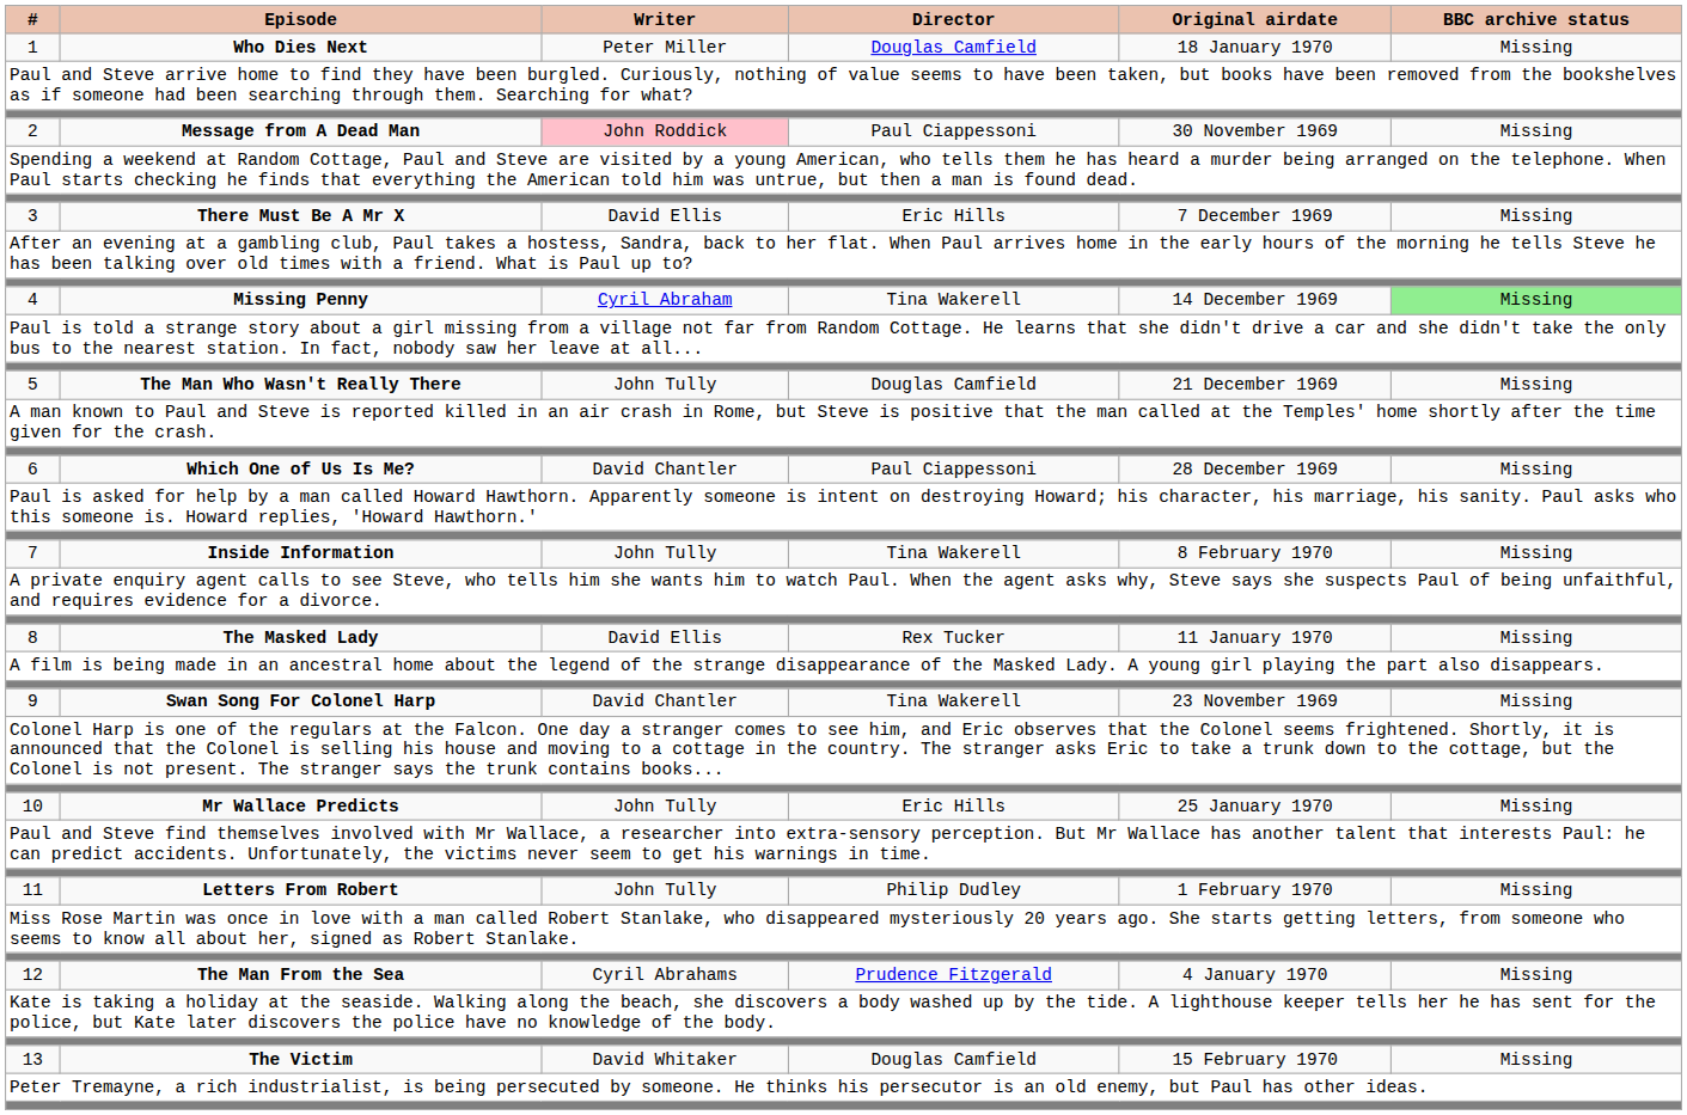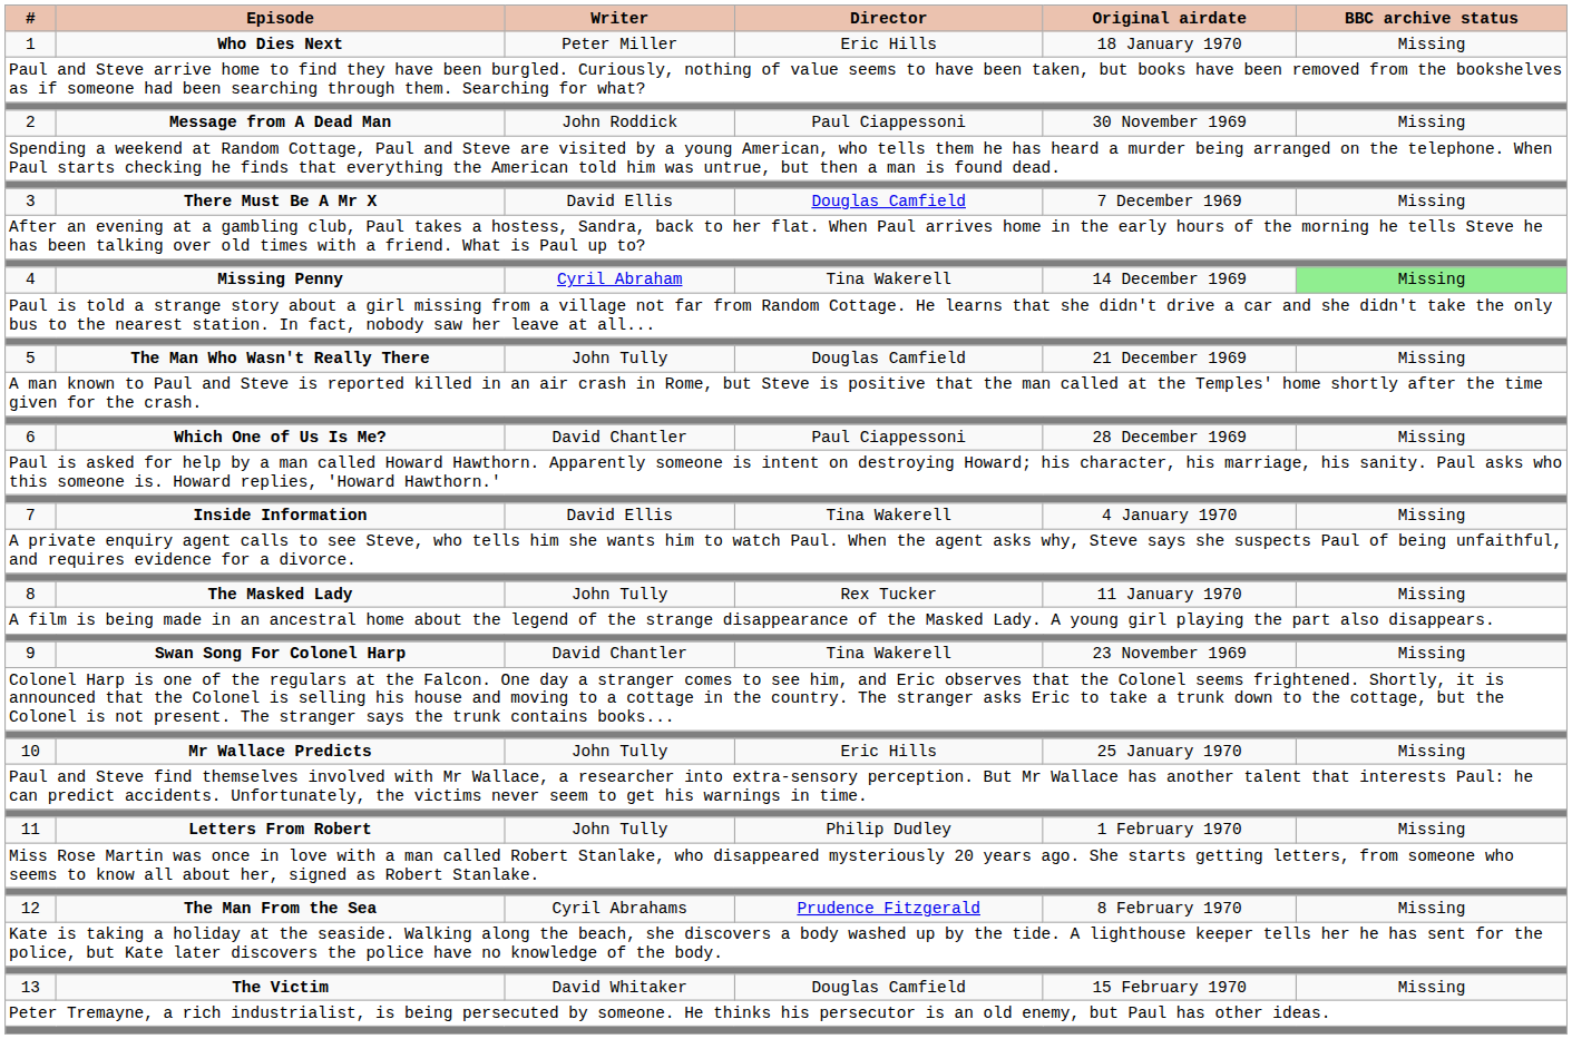 <table class="wikitable" style="width:100%;">
 <tr>
 <th style="background-color: #EBC2AF; color:black">#</th>
 <th style="background: #EBC2AF; color:black">Episode</th>
 <th style="background: #EBC2AF; color:black">Writer</th>
 <th style="background: #EBC2AF; color:black">Director</th>
 <th style="background: #EBC2AF; color:black">Original airdate</th>
 <th style="background: #EBC2AF; color:black">BBC archive status</th>
 </tr>
 <tr>
 <td align="center">1</td>
 <td align="center"><strong>Who Dies Next</strong></td>
 <td align="center">Peter Miller</td>
-<td align="center"><a href='#'>Douglas Camfield</a></td>
+<td align="center">Eric Hills</td>
 <td align="center">18 January 1970</td>
 <td align="center">Missing</td>
 </tr>
 <tr>
 <td style="background:white" colspan="6">Paul and Steve arrive home to find they have been burgled. Curiously, nothing of value seems to have been taken, but books have been removed from the bookshelves as if someone had been searching through them. Searching for what?</td>
 </tr>
 <tr style="background:#808080; height:2px">
 <td colspan="6"></td>
 </tr>
 <tr>
 <td align="center">2</td>
 <td align="center"><strong>Message from A Dead Man</strong></td>
-<td align="center" style="background: pink;">John Roddick</td>
+<td align="center">John Roddick</td>
 <td align="center">Paul Ciappessoni</td>
 <td align="center">30 November 1969</td>
 <td align="center">Missing</td>
 </tr>
 <tr>
 <td style="background:white" colspan="6">Spending a weekend at Random Cottage, Paul and Steve are visited by a young American, who tells them he has heard a murder being arranged on the telephone. When Paul starts checking he finds that everything the American told him was untrue, but then a man is found dead.</td>
 </tr>
 <tr style="background:#808080; height:2px">
 <td colspan="6"></td>
 </tr>
 <tr>
 <td align="center">3</td>
 <td align="center"><strong>There Must Be A Mr X</strong></td>
 <td align="center">David Ellis</td>
-<td align="center">Eric Hills</td>
+<td align="center"><a href='#'>Douglas Camfield</a></td>
 <td align="center">7 December 1969</td>
 <td align="center">Missing</td>
 </tr>
 <tr>
 <td style="background:white" colspan="6">After an evening at a gambling club, Paul takes a hostess, Sandra, back to her flat. When Paul arrives home in the early hours of the morning he tells Steve he has been talking over old times with a friend. What is Paul up to?</td>
 </tr>
 <tr style="background:#808080; height:2px">
 <td colspan="6"></td>
 </tr>
 <tr>
 <td align="center">4</td>
 <td align="center"><strong>Missing Penny</strong></td>
 <td align="center"><a href='#'>Cyril Abraham</a></td>
 <td align="center">Tina Wakerell</td>
 <td align="center">14 December 1969</td>
 <td align="center" style="background: lightgreen;">Missing</td>
 </tr>
 <tr>
 <td style="background:white" colspan="6">Paul is told a strange story about a girl missing from a village not far from Random Cottage. He learns that she didn't drive a car and she didn't take the only bus to the nearest station. In fact, nobody saw her leave at all...</td>
 </tr>
 <tr style="background:#808080; height:2px">
 <td colspan="6"></td>
 </tr>
 <tr>
 <td align="center">5</td>
 <td align="center"><strong>The Man Who Wasn't Really There</strong></td>
 <td align="center">John Tully</td>
 <td align="center">Douglas Camfield</td>
 <td align="center">21 December 1969</td>
 <td align="center">Missing</td>
 </tr>
 <tr>
 <td style="background:white" colspan="6">A man known to Paul and Steve is reported killed in an air crash in Rome, but Steve is positive that the man called at the Temples' home shortly after the time given for the crash.</td>
 </tr>
 <tr style="background:#808080; height:2px">
 <td colspan="6"></td>
 </tr>
 <tr>
 <td align="center">6</td>
 <td align="center"><strong>Which One of Us Is Me?</strong></td>
 <td align="center">David Chantler</td>
 <td align="center">Paul Ciappessoni</td>
 <td align="center">28 December 1969</td>
 <td align="center">Missing</td>
 </tr>
 <tr>
 <td style="background:white" colspan="6">Paul is asked for help by a man called Howard Hawthorn. Apparently someone is intent on destroying Howard; his character, his marriage, his sanity. Paul asks who this someone is. Howard replies, 'Howard Hawthorn.'</td>
 </tr>
 <tr style="background:#808080; height:2px">
 <td colspan="6"></td>
 </tr>
 <tr>
 <td align="center">7</td>
 <td align="center"><strong>Inside Information</strong></td>
-<td align="center">John Tully</td>
+<td align="center">David Ellis</td>
 <td align="center">Tina Wakerell</td>
-<td align="center">8 February 1970</td>
+<td align="center">4 January 1970</td>
 <td align="center">Missing</td>
 </tr>
 <tr>
 <td style="background:white" colspan="6">A private enquiry agent calls to see Steve, who tells him she wants him to watch Paul. When the agent asks why, Steve says she suspects Paul of being unfaithful, and requires evidence for a divorce.</td>
 </tr>
 <tr style="background:#808080; height:2px">
 <td colspan="6"></td>
 </tr>
 <tr>
 <td align="center">8</td>
 <td align="center"><strong>The Masked Lady</strong></td>
-<td align="center">David Ellis</td>
+<td align="center">John Tully</td>
 <td align="center">Rex Tucker</td>
 <td align="center">11 January 1970</td>
 <td align="center">Missing</td>
 </tr>
 <tr>
 <td style="background:white" colspan="6">A film is being made in an ancestral home about the legend of the strange disappearance of the Masked Lady. A young girl playing the part also disappears.</td>
 </tr>
 <tr style="background:#808080; height:2px">
 <td colspan="6"></td>
 </tr>
 <tr>
 <td align="center">9</td>
 <td align="center"><strong>Swan Song For Colonel Harp</strong></td>
 <td align="center">David Chantler</td>
 <td align="center">Tina Wakerell</td>
 <td align="center">23 November 1969</td>
 <td align="center">Missing</td>
 </tr>
 <tr>
 <td style="background:white" colspan="6">Colonel Harp is one of the regulars at the Falcon. One day a stranger comes to see him, and Eric observes that the Colonel seems frightened. Shortly, it is announced that the Colonel is selling his house and moving to a cottage in the country. The stranger asks Eric to take a trunk down to the cottage, but the Colonel is not present. The stranger says the trunk contains books...</td>
 </tr>
 <tr style="background:#808080; height:2px">
 <td colspan="6"></td>
 </tr>
 <tr>
 <td align="center">10</td>
 <td align="center"><strong>Mr Wallace Predicts</strong></td>
 <td align="center">John Tully</td>
 <td align="center">Eric Hills</td>
 <td align="center">25 January 1970</td>
 <td align="center">Missing</td>
 </tr>
 <tr>
 <td style="background:white" colspan="6">Paul and Steve find themselves involved with Mr Wallace, a researcher into extra-sensory perception. But Mr Wallace has another talent that interests Paul: he can predict accidents. Unfortunately, the victims never seem to get his warnings in time.</td>
 </tr>
 <tr style="background:#808080; height:2px">
 <td colspan="6"></td>
 </tr>
 <tr>
 <td align="center">11</td>
 <td align="center"><strong>Letters From Robert</strong></td>
 <td align="center">John Tully</td>
 <td align="center">Philip Dudley</td>
 <td align="center">1 February 1970</td>
 <td align="center">Missing</td>
 </tr>
 <tr>
 <td style="background:white" colspan="6">Miss Rose Martin was once in love with a man called Robert Stanlake, who disappeared mysteriously 20 years ago. She starts getting letters, from someone who seems to know all about her, signed as Robert Stanlake.</td>
 </tr>
 <tr style="background:#808080; height:2px">
 <td colspan="6"></td>
 </tr>
 <tr>
 <td align="center">12</td>
 <td align="center"><strong>The Man From the Sea</strong></td>
 <td align="center">Cyril Abrahams</td>
 <td align="center"><a href='#'>Prudence Fitzgerald</a></td>
-<td align="center">4 January 1970</td>
+<td align="center">8 February 1970</td>
 <td align="center">Missing</td>
 </tr>
 <tr>
 <td style="background:white" colspan="6">Kate is taking a holiday at the seaside. Walking along the beach, she discovers a body washed up by the tide. A lighthouse keeper tells her he has sent for the police, but Kate later discovers the police have no knowledge of the body.</td>
 </tr>
 <tr style="background:#808080; height:2px">
 <td colspan="6"></td>
 </tr>
 <tr>
 <td align="center">13</td>
 <td align="center"><strong>The Victim</strong></td>
 <td align="center">David Whitaker</td>
 <td align="center">Douglas Camfield</td>
 <td align="center">15 February 1970</td>
 <td align="center">Missing</td>
 </tr>
 <tr>
 <td style="background:white" colspan="6">Peter Tremayne, a rich industrialist, is being persecuted by someone. He thinks his persecutor is an old enemy, but Paul has other ideas.</td>
 </tr>
 <tr style="background:#808080; height:2px">
 <td colspan="6"></td>
 </tr>
 </table>
